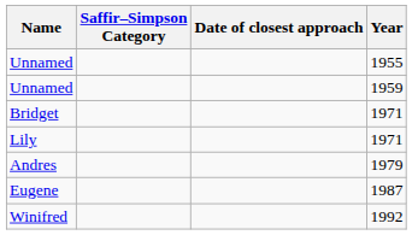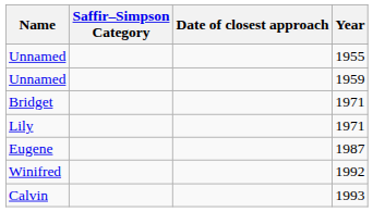 <table class = "wikitable" style="margin:1em auto;">
 <tr>
 <th>Name</th>
 <th><a href='#'>Saffir–Simpson</a><br>Category</th>
 <th>Date of closest approach</th>
 <th>Year</th>
 </tr>
 <tr>
 <td><a href='#'>Unnamed</a></td>
 <td></td>
 <td></td>
 <td>1955</td>
 </tr>
 <tr>
 <td><a href='#'>Unnamed</a></td>
 <td></td>
 <td></td>
 <td>1959</td>
 </tr>
 <tr>
 <td><a href='#'>Bridget</a></td>
 <td></td>
 <td></td>
 <td>1971</td>
 </tr>
 <tr>
 <td><a href='#'>Lily</a></td>
 <td></td>
 <td></td>
 <td>1971</td>
 </tr>
 <tr>
-<td><a href='#'>Andres</a></td>
-<td></td>
-<td></td>
-<td>1979</td>
-</tr>
-<tr>
 <td><a href='#'>Eugene</a></td>
 <td></td>
 <td></td>
 <td>1987</td>
 </tr>
 <tr>
 <td><a href='#'>Winifred</a></td>
 <td></td>
 <td></td>
 <td>1992</td>
 </tr>
+<tr>
+<td><a href='#'>Calvin</a></td>
+<td></td>
+<td></td>
+<td>1993</td>
+</tr>
 </table>
